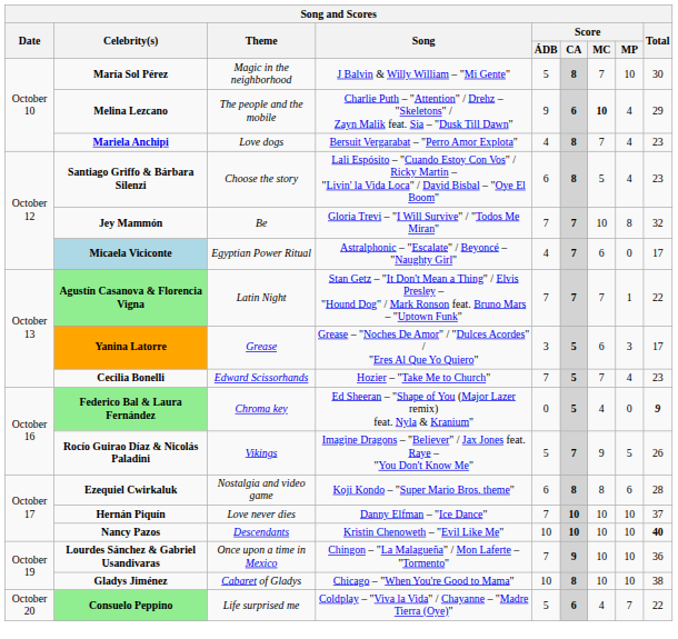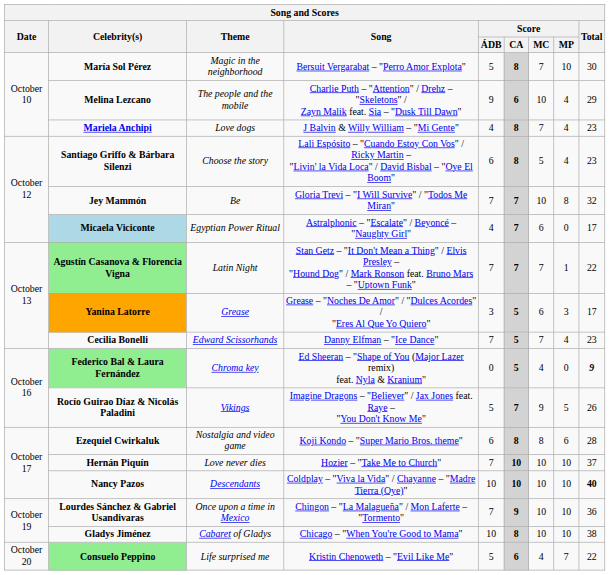 <table class="wikitable collapsible collapsed" style="font-size:90%; text-align: center; width: 100%;">
 <tr>
 <th colspan="11" style="with: 100%;" align=center>Song and Scores</th>
 </tr>
 <tr>
 <th rowspan="2">Date</th>
 <th rowspan="2">Celebrity(s)</th>
 <th rowspan="2">Theme</th>
 <th rowspan="2">Song</th>
 <th colspan="4">Score</th>
 <th rowspan="2">Total</th>
 </tr>
 <tr>
 <th width=30>ÁDB</th>
 <th width=30>CA</th>
 <th width=30>MC</th>
 <th width=30>MP</th>
 </tr>
 <tr>
 <td rowspan="3">October 10</td>
 <td bgcolor=""><strong>María Sol Pérez</strong></td>
 <td><em>Magic in the neighborhood</em></td>
-<td><a href='#'>J Balvin</a> & <a href='#'>Willy William</a> – "<a href='#'>Mi Gente</a>"</td>
+<td><a href='#'>Bersuit Vergarabat</a> – "<a href='#'>Perro Amor Explota</a>"</td>
 <td>5</td>
 <td bgcolor="lightgrey"><strong>8</strong></td>
 <td>7</td>
 <td>10</td>
 <td>30</td>
 </tr>
 <tr>
 <td bgcolor=""><strong>Melina Lezcano</strong></td>
 <td><em>The people and the mobile</em></td>
 <td><a href='#'>Charlie Puth</a> – "<a href='#'>Attention</a>" / <a href='#'>Drehz</a> – "<a href='#'>Skeletons</a>" /<br><a href='#'>Zayn Malik</a> feat. <a href='#'>Sia</a> – "<a href='#'>Dusk Till Dawn</a>"</td>
 <td>9</td>
 <td bgcolor="lightgrey"><strong>6</strong></td>
-<td><strong>10</strong></td>
+<td>10</td>
 <td>4</td>
 <td>29</td>
 </tr>
 <tr>
 <td bgcolor=""><strong><a href='#'>Mariela Anchipi</a></strong></td>
 <td><em>Love dogs</em></td>
-<td><a href='#'>Bersuit Vergarabat</a> – "<a href='#'>Perro Amor Explota</a>"</td>
+<td><a href='#'>J Balvin</a> & <a href='#'>Willy William</a> – "<a href='#'>Mi Gente</a>"</td>
 <td>4</td>
 <td bgcolor="lightgrey"><strong>8</strong></td>
 <td>7</td>
 <td>4</td>
 <td>23</td>
 </tr>
 <tr>
 <td rowspan="3">October 12</td>
 <td bgcolor=""><strong>Santiago Griffo & Bárbara Silenzi</strong></td>
 <td><em>Choose the story</em></td>
 <td><a href='#'>Lali Espósito</a> – "<a href='#'>Cuando Estoy Con Vos</a>" / <a href='#'>Ricky Martin</a> – <br> "<a href='#'>Livin' la Vida Loca</a>" / <a href='#'>David Bisbal</a> – "<a href='#'>Oye El Boom</a>" </td>
 <td>6</td>
 <td bgcolor="lightgrey"><strong>8</strong></td>
 <td>5</td>
 <td>4</td>
 <td>23</td>
 </tr>
 <tr>
 <td bgcolor=""><strong>Jey Mammón</strong></td>
 <td><em>Be</em></td>
 <td><a href='#'>Gloria Trevi</a> – "<a href='#'>I Will Survive</a>" / "<a href='#'>Todos Me Miran</a>" </td>
 <td>7</td>
 <td bgcolor="lightgrey"><strong>7</strong></td>
 <td>10</td>
 <td>8</td>
 <td>32</td>
 </tr>
 <tr>
 <td bgcolor="lightblue"><strong>Micaela Viciconte</strong></td>
 <td><em>Egyptian Power Ritual</em></td>
 <td><a href='#'>Astralphonic</a> – "<a href='#'>Escalate</a>" / <a href='#'>Beyoncé</a> – "<a href='#'>Naughty Girl</a>"</td>
 <td>4</td>
 <td bgcolor="lightgrey"><strong>7</strong></td>
 <td>6</td>
 <td>0</td>
 <td>17</td>
 </tr>
 <tr>
 <td rowspan="3">October 13</td>
 <td bgcolor="lightgreen"><strong>Agustín Casanova & Florencia <br>Vigna</strong></td>
 <td><em>Latin Night</em></td>
 <td><a href='#'>Stan Getz</a> – "<a href='#'>It Don't Mean a Thing</a>" / <a href='#'>Elvis Presley</a> – <br>"<a href='#'>Hound Dog</a>" / <a href='#'>Mark Ronson</a> feat. <a href='#'>Bruno Mars</a> – "<a href='#'>Uptown Funk</a>"</td>
 <td>7</td>
 <td bgcolor="lightgrey"><strong>7</strong></td>
 <td>7</td>
 <td>1</td>
 <td>22</td>
 </tr>
 <tr>
 <td bgcolor="orange"><strong>Yanina Latorre</strong></td>
 <td><em><a href='#'>Grease</a></em></td>
 <td><a href='#'>Grease</a> – "<a href='#'>Noches De Amor</a>" / "<a href='#'>Dulces Acordes</a>" /<br> "<a href='#'>Eres Al Que Yo Quiero</a>" </td>
 <td>3</td>
 <td bgcolor="lightgrey"><strong>5</strong></td>
 <td>6</td>
 <td>3</td>
 <td>17</td>
 </tr>
 <tr>
 <td bgcolor=""><strong>Cecilia Bonelli</strong></td>
 <td><em><a href='#'>Edward Scissorhands</a></em></td>
-<td><a href='#'>Hozier</a> – "<a href='#'>Take Me to Church</a>"</td>
+<td><a href='#'>Danny Elfman</a> – "<a href='#'>Ice Dance</a>"</td>
 <td>7</td>
 <td bgcolor="lightgrey"><strong>5</strong></td>
 <td>7</td>
 <td>4</td>
 <td>23</td>
 </tr>
 <tr>
 <td rowspan="2">October 16</td>
 <td bgcolor="lightgreen"><strong>Federico Bal & Laura Fernández</strong></td>
 <td><em><a href='#'>Chroma key</a></em></td>
 <td><a href='#'>Ed Sheeran</a> – "<a href='#'>Shape of You</a> (<a href='#'>Major Lazer</a> remix) <br>feat. <a href='#'>Nyla</a> & <a href='#'>Kranium</a>"</td>
 <td>0</td>
 <td bgcolor="lightgrey"><strong>5</strong></td>
 <td>4</td>
 <td>0</td>
 <td><span><strong><em>9</em></strong></span></td>
 </tr>
 <tr>
 <td bgcolor=""><strong>Rocío Guirao Díaz & Nicolás Paladini</strong></td>
 <td><em><a href='#'>Vikings</a></em></td>
 <td><a href='#'>Imagine Dragons</a> – "<a href='#'>Believer</a>" / <a href='#'>Jax Jones</a> feat. <a href='#'>Raye</a> – <br>"<a href='#'>You Don't Know Me</a>"</td>
 <td>5</td>
 <td bgcolor="lightgrey"><strong>7</strong></td>
 <td>9</td>
 <td>5</td>
 <td>26</td>
 </tr>
 <tr>
 <td rowspan="3">October 17</td>
 <td bgcolor=""><strong>Ezequiel Cwirkaluk</strong></td>
 <td><em>Nostalgia and video game</em></td>
 <td><a href='#'>Koji Kondo</a> – "<a href='#'>Super Mario Bros. theme</a>"</td>
 <td>6</td>
 <td bgcolor="lightgrey"><strong>8</strong></td>
 <td>8</td>
 <td>6</td>
 <td>28</td>
 </tr>
 <tr>
 <td bgcolor=""><strong>Hernán Piquín</strong></td>
 <td><em>Love never dies</em></td>
-<td><a href='#'>Danny Elfman</a> – "<a href='#'>Ice Dance</a>"</td>
+<td><a href='#'>Hozier</a> – "<a href='#'>Take Me to Church</a>"</td>
 <td>7</td>
 <td bgcolor="lightgrey"><strong>10</strong></td>
 <td>10</td>
 <td>10</td>
 <td>37</td>
 </tr>
 <tr>
 <td bgcolor=""><strong>Nancy Pazos</strong></td>
 <td><em><a href='#'>Descendants</a></em></td>
-<td><a href='#'>Kristin Chenoweth</a> – "<a href='#'>Evil Like Me</a>"</td>
+<td><a href='#'>Coldplay</a> – "<a href='#'>Viva la Vida</a>" / <a href='#'>Chayanne</a> – "<a href='#'>Madre Tierra (Oye)</a>"</td>
 <td>10</td>
 <td bgcolor="lightgrey"><strong>10</strong></td>
 <td>10</td>
 <td>10</td>
 <td><span><strong>40</strong></span></td>
 </tr>
 <tr>
 <td rowspan="2">October 19</td>
 <td bgcolor=""><strong>Lourdes Sánchez & Gabriel Usandivaras</strong></td>
 <td><em>Once upon a time in <a href='#'>Mexico</a></em></td>
 <td><a href='#'>Chingon</a> – "<a href='#'>La Malagueña</a>" / <a href='#'>Mon Laferte</a> – "<a href='#'>Tormento</a>"</td>
 <td>7</td>
 <td bgcolor="lightgrey"><strong>9</strong></td>
 <td>10</td>
 <td>10</td>
 <td>36</td>
 </tr>
 <tr>
 <td bgcolor=""><strong>Gladys Jiménez</strong></td>
 <td><em><a href='#'>Cabaret</a> of Gladys</em></td>
 <td><a href='#'>Chicago</a> – "<a href='#'>When You're Good to Mama</a>" </td>
 <td>10</td>
 <td bgcolor="lightgrey"><strong>8</strong></td>
 <td>10</td>
 <td>10</td>
 <td>38</td>
 </tr>
 <tr>
 <td rowspan="1">October 20</td>
 <td bgcolor="lightgreen"><strong>Consuelo Peppino</strong></td>
 <td><em>Life surprised me</em></td>
-<td><a href='#'>Coldplay</a> – "<a href='#'>Viva la Vida</a>" / <a href='#'>Chayanne</a> – "<a href='#'>Madre Tierra (Oye)</a>"</td>
+<td><a href='#'>Kristin Chenoweth</a> – "<a href='#'>Evil Like Me</a>"</td>
 <td>5</td>
 <td bgcolor="lightgrey"><strong>6</strong></td>
 <td>4</td>
 <td>7</td>
 <td>22</td>
 </tr>
 </table>
